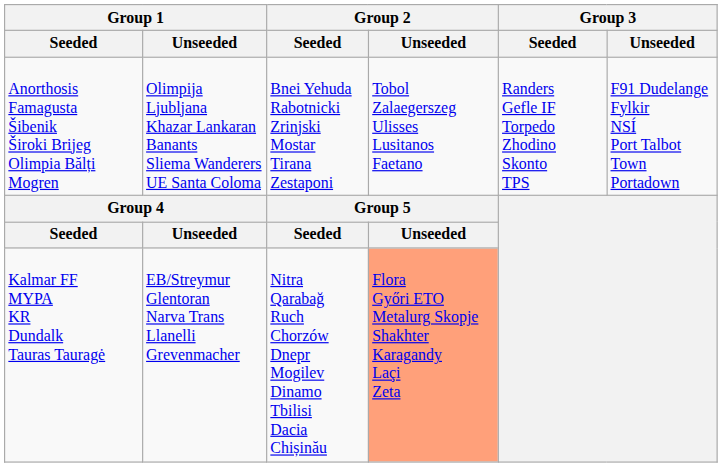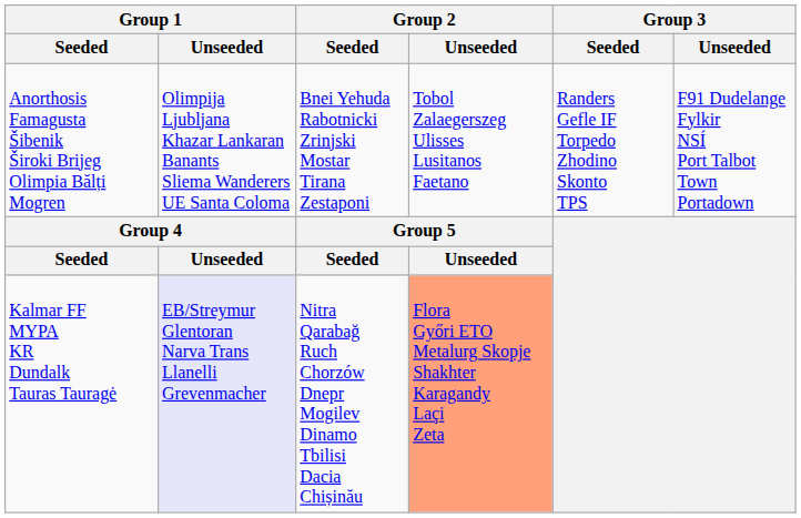 <table class="wikitable" style="font-size:85%">
 <tr>
 <th colspan=2>Group 1</th>
 <th colspan=2>Group 2</th>
 <th colspan=2>Group 3</th>
 </tr>
 <tr>
 <th>Seeded</th>
 <th>Unseeded</th>
 <th>Seeded</th>
 <th>Unseeded</th>
 <th>Seeded</th>
 <th>Unseeded</th>
 </tr>
 <tr>
 <td valign=top><br> <a href='#'>Anorthosis Famagusta</a><br>  <a href='#'>Šibenik</a><br>  <a href='#'>Široki Brijeg</a><br>  <a href='#'>Olimpia Bălți</a><br>  <a href='#'>Mogren</a></td>
 <td valign=top><br> <a href='#'>Olimpija Ljubljana</a><br>  <a href='#'>Khazar Lankaran</a><br>  <a href='#'>Banants</a><br>  <a href='#'>Sliema Wanderers</a><br>  <a href='#'>UE Santa Coloma</a></td>
 <td valign=top><br> <a href='#'>Bnei Yehuda</a><br>  <a href='#'>Rabotnicki</a><br>  <a href='#'>Zrinjski Mostar</a><br>  <a href='#'>Tirana</a><br>  <a href='#'>Zestaponi</a></td>
 <td valign=top><br> <a href='#'>Tobol</a><br>  <a href='#'>Zalaegerszeg</a><br>  <a href='#'>Ulisses</a><br>  <a href='#'>Lusitanos</a><br>  <a href='#'>Faetano</a></td>
 <td valign=top><br> <a href='#'>Randers</a><br>  <a href='#'>Gefle IF</a><br>  <a href='#'>Torpedo Zhodino</a><br>  <a href='#'>Skonto</a><br>  <a href='#'>TPS</a></td>
 <td valign=top><br> <a href='#'>F91 Dudelange</a><br>  <a href='#'>Fylkir</a><br>  <a href='#'>NSÍ</a><br>  <a href='#'>Port Talbot Town</a><br>  <a href='#'>Portadown</a></td>
 </tr>
 <tr>
 <th colspan=2>Group 4</th>
 <th colspan=2>Group 5</th>
 <th rowspan=3 colspan=2> </th>
 </tr>
 <tr>
 <th>Seeded</th>
 <th>Unseeded</th>
 <th>Seeded</th>
 <th>Unseeded</th>
 </tr>
 <tr>
 <td valign=top><br> <a href='#'>Kalmar FF</a><br>  <a href='#'>MYPA</a><br>  <a href='#'>KR</a><br>  <a href='#'>Dundalk</a><br>  <a href='#'>Tauras Tauragė</a></td>
-<td valign=top><br> <a href='#'>EB/Streymur</a><br>  <a href='#'>Glentoran</a><br>  <a href='#'>Narva Trans</a><br>  <a href='#'>Llanelli</a><br>  <a href='#'>Grevenmacher</a></td>
+<td valign=top style="background: lavender;"><br> <a href='#'>EB/Streymur</a><br>  <a href='#'>Glentoran</a><br>  <a href='#'>Narva Trans</a><br>  <a href='#'>Llanelli</a><br>  <a href='#'>Grevenmacher</a></td>
 <td valign=top><br> <a href='#'>Nitra</a><br>  <a href='#'>Qarabağ</a><br>  <a href='#'>Ruch Chorzów</a><br>  <a href='#'>Dnepr Mogilev</a><br>  <a href='#'>Dinamo Tbilisi</a><br>  <a href='#'>Dacia Chișinău</a></td>
 <td valign=top style="background: lightsalmon;"><br> <a href='#'>Flora</a><br>  <a href='#'>Győri ETO</a><br>  <a href='#'>Metalurg Skopje</a><br>  <a href='#'>Shakhter Karagandy</a><br>  <a href='#'>Laçi</a><br>  <a href='#'>Zeta</a></td>
 </tr>
 </table>
